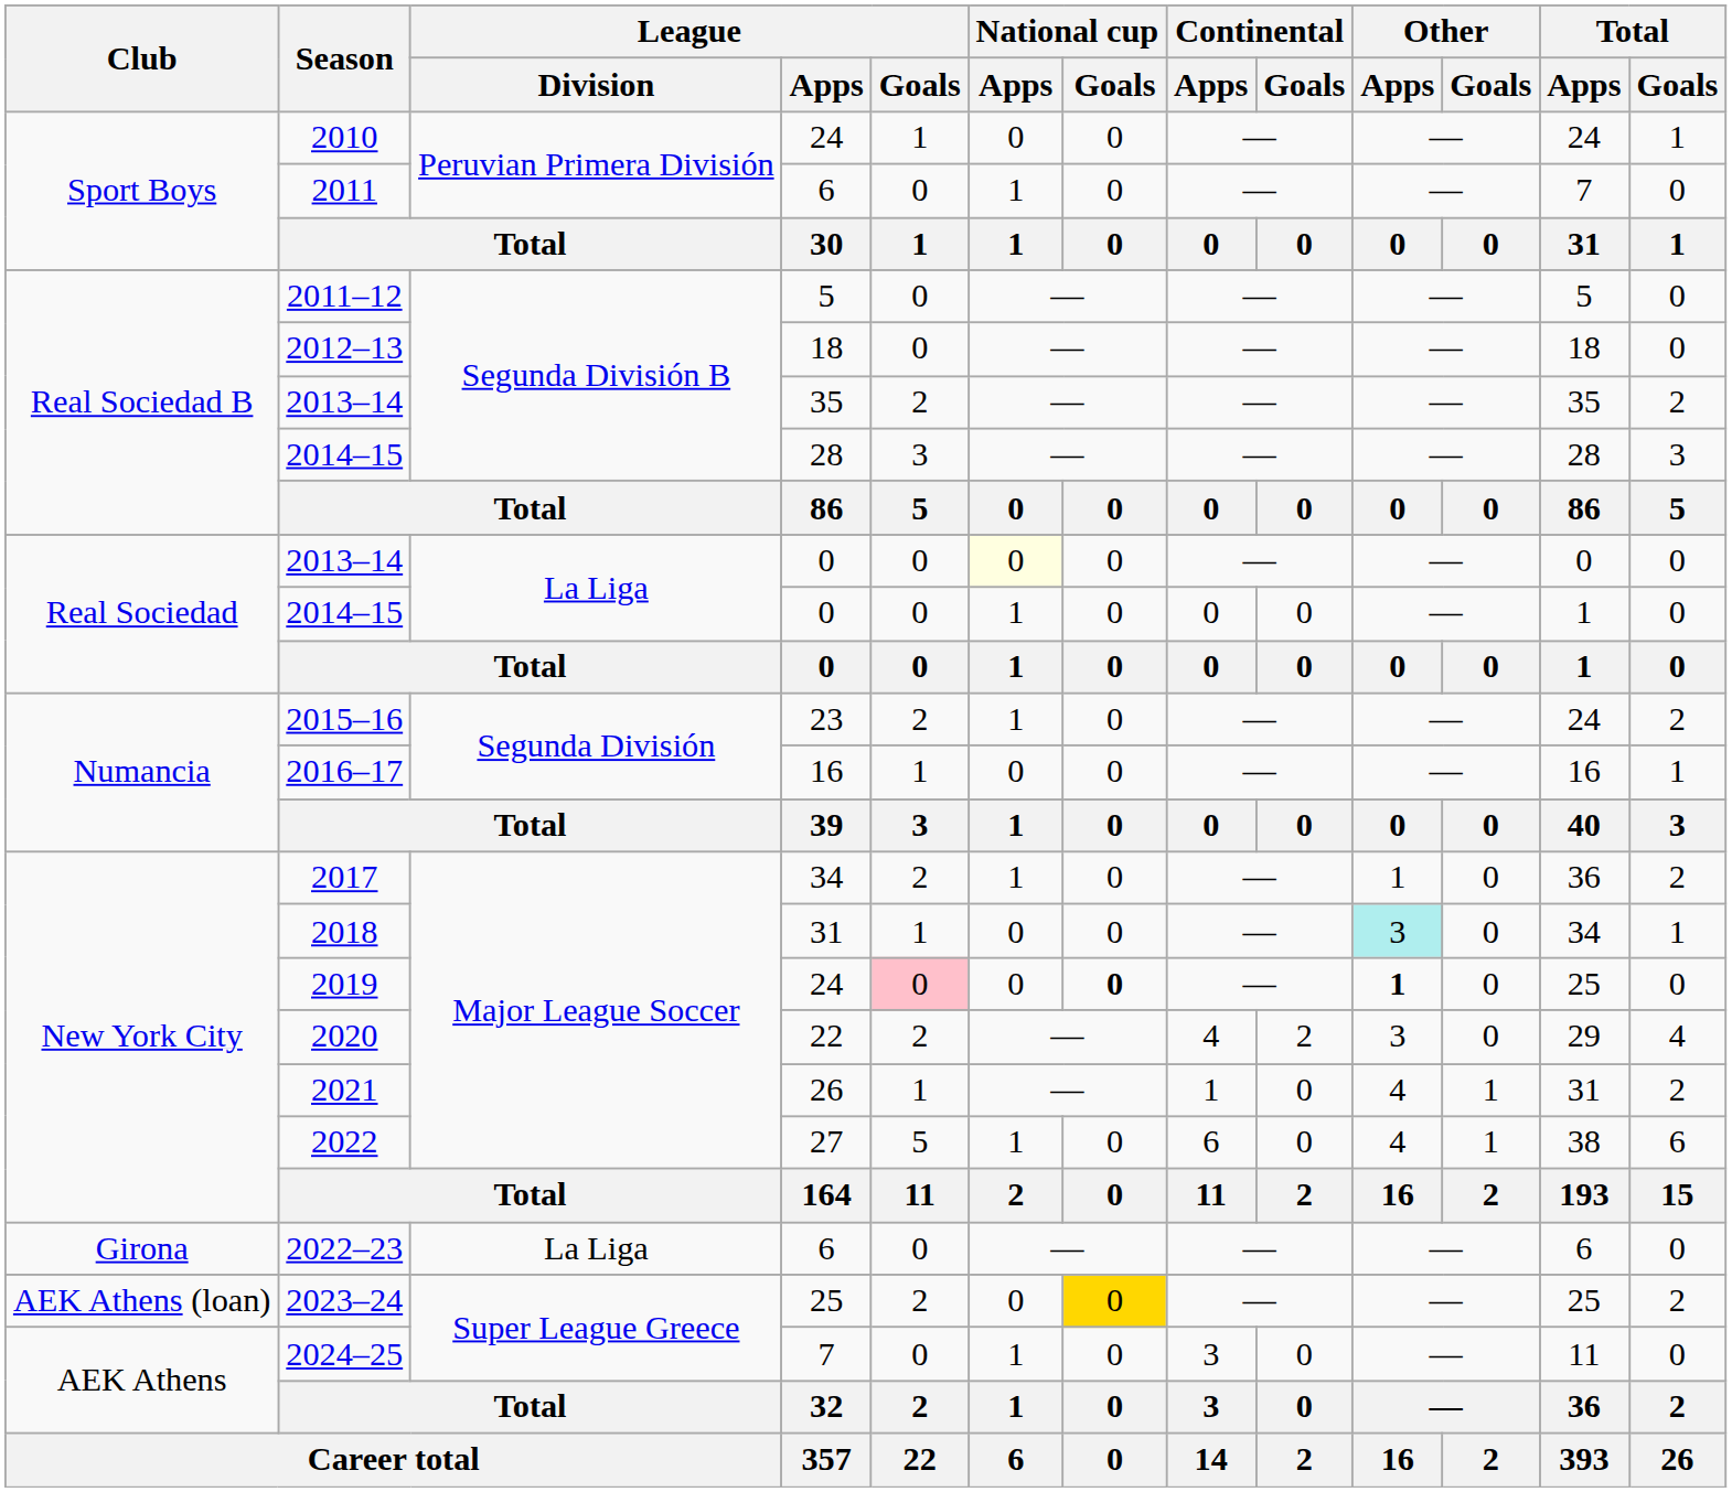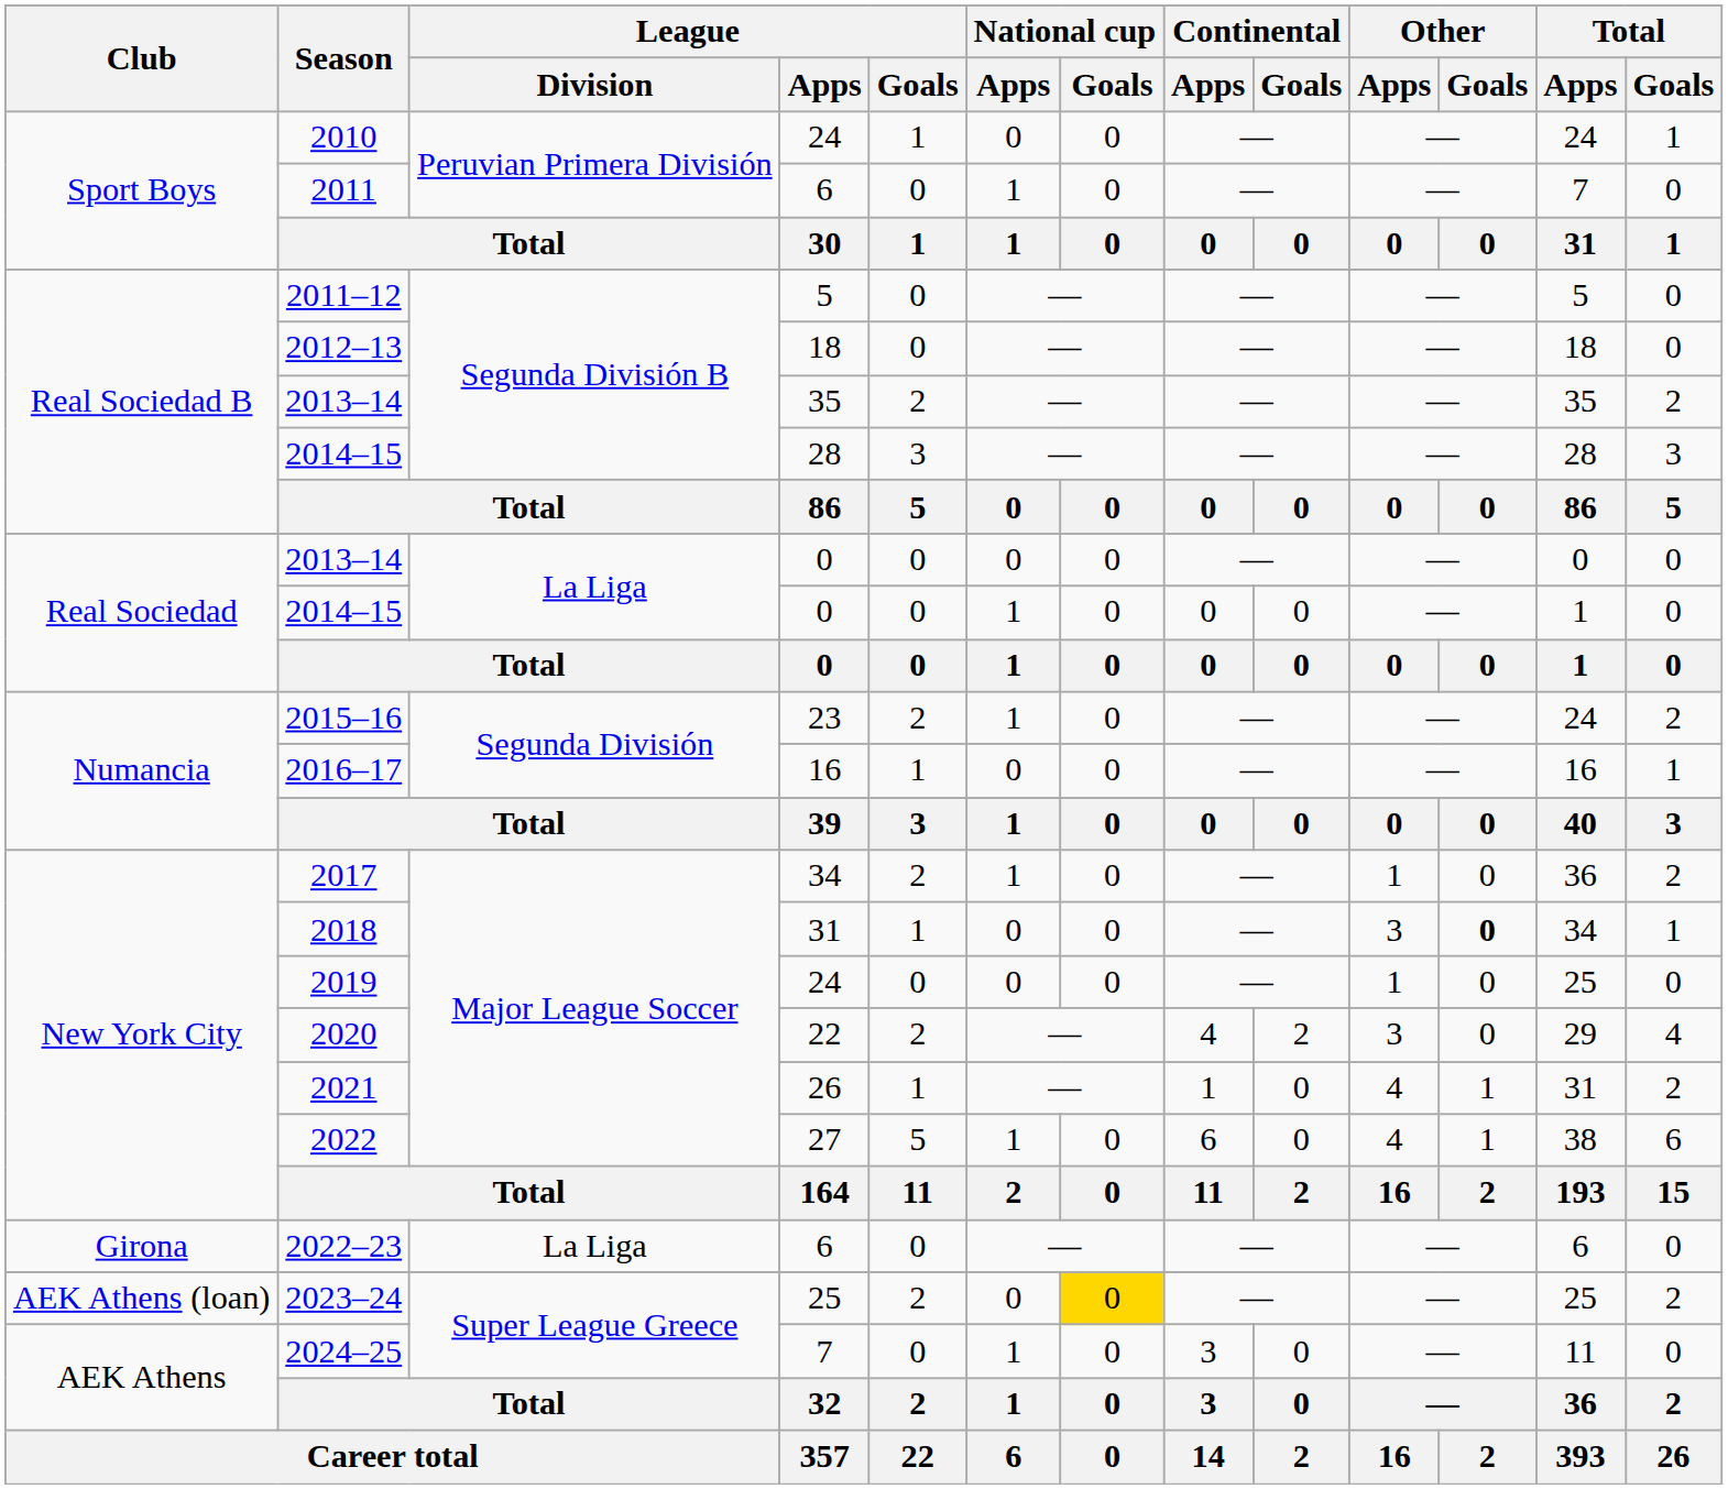 <table class="wikitable" style="text-align:center">
 <tr>
 <th rowspan="2">Club</th>
 <th rowspan="2">Season</th>
 <th colspan="3">League</th>
 <th colspan="2">National cup</th>
 <th colspan="2">Continental</th>
 <th colspan="2">Other</th>
 <th colspan="2">Total</th>
 </tr>
 <tr>
 <th>Division</th>
 <th>Apps</th>
 <th>Goals</th>
 <th>Apps</th>
 <th>Goals</th>
 <th>Apps</th>
 <th>Goals</th>
 <th>Apps</th>
 <th>Goals</th>
 <th>Apps</th>
 <th>Goals</th>
 </tr>
 <tr>
 <td rowspan="3"><a href='#'>Sport Boys</a></td>
 <td><a href='#'>2010</a></td>
 <td rowspan="2"><a href='#'>Peruvian Primera División</a></td>
 <td>24</td>
 <td>1</td>
 <td>0</td>
 <td>0</td>
 <td colspan="2">—</td>
 <td colspan="2">—</td>
 <td>24</td>
 <td>1</td>
 </tr>
 <tr>
 <td><a href='#'>2011</a></td>
 <td>6</td>
 <td>0</td>
 <td>1</td>
 <td>0</td>
 <td colspan="2">—</td>
 <td colspan="2">—</td>
 <td>7</td>
 <td>0</td>
 </tr>
 <tr>
 <th colspan="2">Total</th>
 <th>30</th>
 <th>1</th>
 <th>1</th>
 <th>0</th>
 <th>0</th>
 <th>0</th>
 <th>0</th>
 <th>0</th>
 <th>31</th>
 <th>1</th>
 </tr>
 <tr>
 <td rowspan="5"><a href='#'>Real Sociedad B</a></td>
 <td><a href='#'>2011–12</a></td>
 <td rowspan="4"><a href='#'>Segunda División B</a></td>
 <td>5</td>
 <td>0</td>
 <td colspan="2">—</td>
 <td colspan="2">—</td>
 <td colspan="2">—</td>
 <td>5</td>
 <td>0</td>
 </tr>
 <tr>
 <td><a href='#'>2012–13</a></td>
 <td>18</td>
 <td>0</td>
 <td colspan="2">—</td>
 <td colspan="2">—</td>
 <td colspan="2">—</td>
 <td>18</td>
 <td>0</td>
 </tr>
 <tr>
 <td><a href='#'>2013–14</a></td>
 <td>35</td>
 <td>2</td>
 <td colspan="2">—</td>
 <td colspan="2">—</td>
 <td colspan="2">—</td>
 <td>35</td>
 <td>2</td>
 </tr>
 <tr>
 <td><a href='#'>2014–15</a></td>
 <td>28</td>
 <td>3</td>
 <td colspan="2">—</td>
 <td colspan="2">—</td>
 <td colspan="2">—</td>
 <td>28</td>
 <td>3</td>
 </tr>
 <tr>
 <th colspan="2">Total</th>
 <th>86</th>
 <th>5</th>
 <th>0</th>
 <th>0</th>
 <th>0</th>
 <th>0</th>
 <th>0</th>
 <th>0</th>
 <th>86</th>
 <th>5</th>
 </tr>
 <tr>
 <td rowspan="3"><a href='#'>Real Sociedad</a></td>
 <td><a href='#'>2013–14</a></td>
 <td rowspan="2"><a href='#'>La Liga</a></td>
 <td>0</td>
 <td>0</td>
-<td style="background: lightyellow;">0</td>
+<td>0</td>
 <td>0</td>
 <td colspan="2">—</td>
 <td colspan="2">—</td>
 <td>0</td>
 <td>0</td>
 </tr>
 <tr>
 <td><a href='#'>2014–15</a></td>
 <td>0</td>
 <td>0</td>
 <td>1</td>
 <td>0</td>
 <td>0</td>
 <td>0</td>
 <td colspan="2">—</td>
 <td>1</td>
 <td>0</td>
 </tr>
 <tr>
 <th colspan="2">Total</th>
 <th>0</th>
 <th>0</th>
 <th>1</th>
 <th>0</th>
 <th>0</th>
 <th>0</th>
 <th>0</th>
 <th>0</th>
 <th>1</th>
 <th>0</th>
 </tr>
 <tr>
 <td rowspan="3"><a href='#'>Numancia</a></td>
 <td><a href='#'>2015–16</a></td>
 <td rowspan="2"><a href='#'>Segunda División</a></td>
 <td>23</td>
 <td>2</td>
 <td>1</td>
 <td>0</td>
 <td colspan="2">—</td>
 <td colspan="2">—</td>
 <td>24</td>
 <td>2</td>
 </tr>
 <tr>
 <td><a href='#'>2016–17</a></td>
 <td>16</td>
 <td>1</td>
 <td>0</td>
 <td>0</td>
 <td colspan="2">—</td>
 <td colspan="2">—</td>
 <td>16</td>
 <td>1</td>
 </tr>
 <tr>
 <th colspan="2">Total</th>
 <th>39</th>
 <th>3</th>
 <th>1</th>
 <th>0</th>
 <th>0</th>
 <th>0</th>
 <th>0</th>
 <th>0</th>
 <th>40</th>
 <th>3</th>
 </tr>
 <tr>
 <td rowspan="7"><a href='#'>New York City</a></td>
 <td><a href='#'>2017</a></td>
 <td rowspan="6"><a href='#'>Major League Soccer</a></td>
 <td>34</td>
 <td>2</td>
 <td>1</td>
 <td>0</td>
 <td colspan="2">—</td>
 <td>1</td>
 <td>0</td>
 <td>36</td>
 <td>2</td>
 </tr>
 <tr>
 <td><a href='#'>2018</a></td>
 <td>31</td>
 <td>1</td>
 <td>0</td>
 <td>0</td>
 <td colspan="2">—</td>
-<td style="background: paleturquoise;">3</td>
-<td>0</td>
+<td>3</td>
+<td><strong>0</strong></td>
 <td>34</td>
 <td>1</td>
 </tr>
 <tr>
 <td><a href='#'>2019</a></td>
 <td>24</td>
-<td style="background: pink;">0</td>
 <td>0</td>
-<td><strong>0</strong></td>
+<td>0</td>
+<td>0</td>
 <td colspan="2">—</td>
-<td><strong>1</strong></td>
+<td>1</td>
 <td>0</td>
 <td>25</td>
 <td>0</td>
 </tr>
 <tr>
 <td><a href='#'>2020</a></td>
 <td>22</td>
 <td>2</td>
 <td colspan="2">—</td>
 <td>4</td>
 <td>2</td>
 <td>3</td>
 <td>0</td>
 <td>29</td>
 <td>4</td>
 </tr>
 <tr>
 <td><a href='#'>2021</a></td>
 <td>26</td>
 <td>1</td>
 <td colspan="2">—</td>
 <td>1</td>
 <td>0</td>
 <td>4</td>
 <td>1</td>
 <td>31</td>
 <td>2</td>
 </tr>
 <tr>
 <td><a href='#'>2022</a></td>
 <td>27</td>
 <td>5</td>
 <td>1</td>
 <td>0</td>
 <td>6</td>
 <td>0</td>
 <td>4</td>
 <td>1</td>
 <td>38</td>
 <td>6</td>
 </tr>
 <tr>
 <th colspan="2">Total</th>
 <th>164</th>
 <th>11</th>
 <th>2</th>
 <th>0</th>
 <th>11</th>
 <th>2</th>
 <th>16</th>
 <th>2</th>
 <th>193</th>
 <th>15</th>
 </tr>
 <tr>
 <td><a href='#'>Girona</a></td>
 <td><a href='#'>2022–23</a></td>
 <td>La Liga</td>
 <td>6</td>
 <td>0</td>
 <td colspan="2">—</td>
 <td colspan="2">—</td>
 <td colspan="2">—</td>
 <td>6</td>
 <td>0</td>
 </tr>
 <tr>
 <td><a href='#'>AEK Athens</a> (loan)</td>
 <td><a href='#'>2023–24</a></td>
 <td rowspan="2"><a href='#'>Super League Greece</a></td>
 <td>25</td>
 <td>2</td>
 <td>0</td>
 <td style="background: gold;">0</td>
 <td colspan="2">—</td>
 <td colspan="2">—</td>
 <td>25</td>
 <td>2</td>
 </tr>
 <tr>
 <td rowspan="2">AEK Athens</td>
 <td><a href='#'>2024–25</a></td>
 <td>7</td>
 <td>0</td>
 <td>1</td>
 <td>0</td>
 <td>3</td>
 <td>0</td>
 <td colspan="2">—</td>
 <td>11</td>
 <td>0</td>
 </tr>
 <tr>
 <th colspan="2">Total</th>
 <th>32</th>
 <th>2</th>
 <th>1</th>
 <th>0</th>
 <th>3</th>
 <th>0</th>
 <th colspan="2">—</th>
 <th>36</th>
 <th>2</th>
 </tr>
 <tr>
 <th colspan="3">Career total</th>
 <th>357</th>
 <th>22</th>
 <th>6</th>
 <th>0</th>
 <th>14</th>
 <th>2</th>
 <th>16</th>
 <th>2</th>
 <th>393</th>
 <th>26</th>
 </tr>
 </table>
